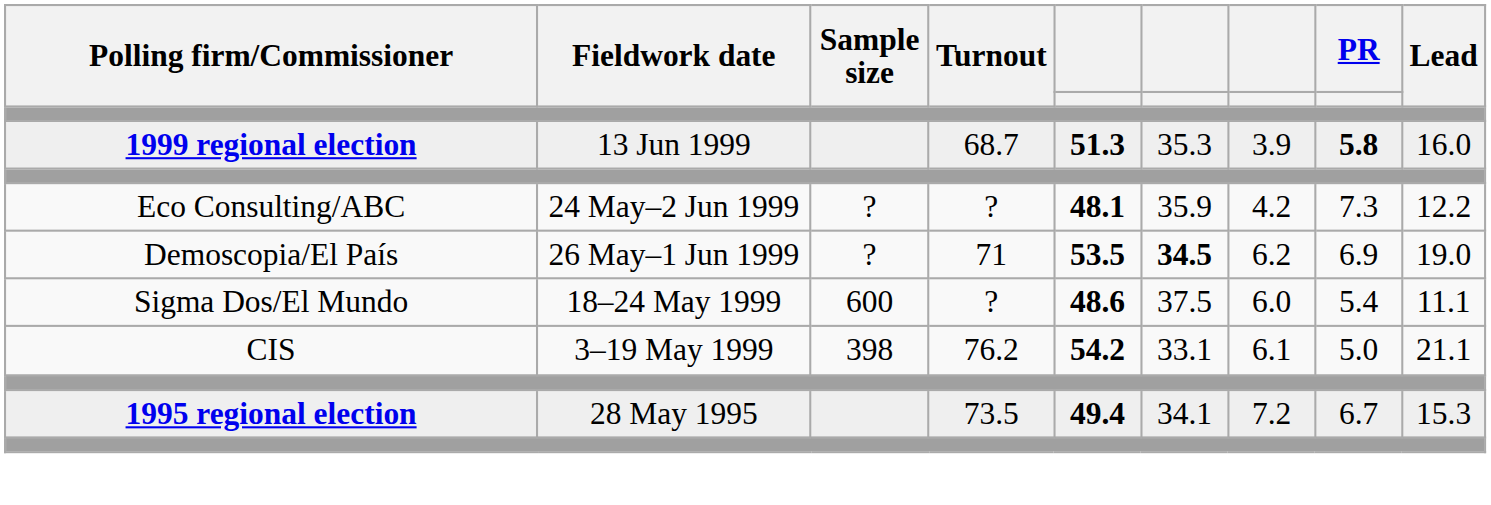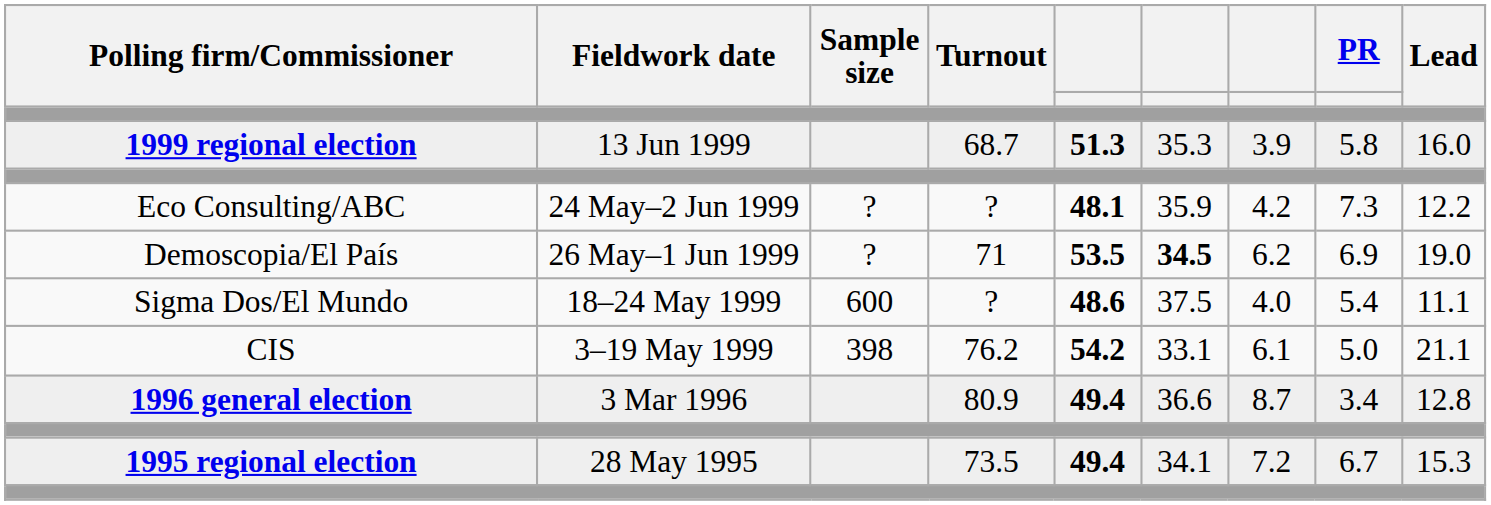 <table class="wikitable collapsible collapsed" style="text-align:center; font-size:95%; line-height:16px;">
 <tr style="height:42px;">
 <th style="width:250px;" rowspan="2">Polling firm/Commissioner</th>
 <th style="width:125px;" rowspan="2">Fieldwork date</th>
 <th style="width:50px;" rowspan="2">Sample size</th>
 <th style="width:45px;" rowspan="2">Turnout</th>
 <th style="width:35px;"></th>
 <th style="width:35px;"></th>
 <th style="width:35px;"></th>
 <th style="width:35px;"><a href='#'>PR</a></th>
 <th style="width:30px;" rowspan="2">Lead</th>
 </tr>
 <tr>
 <th style="color:inherit;background:"></th>
 <th style="color:inherit;background:"></th>
 <th style="color:inherit;background:"></th>
 <th style="color:inherit;background:"></th>
 </tr>
 <tr>
 <td colspan="9" style="background:#A0A0A0"></td>
 </tr>
 <tr style="background:#EFEFEF;">
 <td><strong><a href='#'>1999 regional election</a></strong></td>
 <td>13 Jun 1999</td>
 <td></td>
 <td>68.7</td>
 <td><strong>51.3</strong><br></td>
 <td>35.3<br></td>
 <td>3.9<br></td>
-<td><strong>5.8<br></strong></td>
+<td>5.8<br></td>
 <td style="background:">16.0</td>
 </tr>
 <tr>
 <td colspan="9" style="background:#A0A0A0"></td>
 </tr>
 <tr>
 <td>Eco Consulting/ABC</td>
 <td>24 May–2 Jun 1999</td>
 <td>?</td>
 <td>?</td>
 <td><strong>48.1</strong><br></td>
 <td>35.9<br></td>
 <td>4.2<br></td>
 <td>7.3<br></td>
 <td style="background:">12.2</td>
 </tr>
 <tr>
 <td>Demoscopia/El País</td>
 <td>26 May–1 Jun 1999</td>
 <td>?</td>
 <td>71</td>
 <td><strong>53.5</strong><br></td>
 <td><strong>34.5<br></strong></td>
 <td>6.2<br></td>
 <td>6.9<br></td>
 <td style="background:">19.0</td>
 </tr>
 <tr>
 <td>Sigma Dos/El Mundo</td>
 <td>18–24 May 1999</td>
 <td>600</td>
 <td>?</td>
 <td><strong>48.6</strong><br></td>
 <td>37.5<br></td>
-<td>6.0<br></td>
+<td>4.0<br></td>
 <td>5.4<br></td>
 <td style="background:">11.1</td>
 </tr>
 <tr>
 <td>CIS</td>
 <td>3–19 May 1999</td>
 <td>398</td>
 <td>76.2</td>
 <td><strong>54.2</strong><br></td>
 <td>33.1<br></td>
 <td>6.1<br></td>
 <td>5.0<br></td>
 <td style="background:">21.1</td>
+</tr>
+<tr style="background:#EFEFEF;">
+<td><strong><a href='#'>1996 general election</a></strong></td>
+<td>3 Mar 1996</td>
+<td></td>
+<td>80.9</td>
+<td><strong>49.4</strong><br></td>
+<td>36.6<br></td>
+<td>8.7<br></td>
+<td>3.4<br></td>
+<td style="background:">12.8</td>
 </tr>
 <tr>
 <td colspan="9" style="background:#A0A0A0"></td>
 </tr>
 <tr style="background:#EFEFEF;">
 <td><strong><a href='#'>1995 regional election</a></strong></td>
 <td>28 May 1995</td>
 <td></td>
 <td>73.5</td>
 <td><strong>49.4</strong><br></td>
 <td>34.1<br></td>
 <td>7.2<br></td>
 <td>6.7<br></td>
 <td style="background:">15.3</td>
 </tr>
 <tr>
 <td colspan="9" style="background:#A0A0A0"></td>
 </tr>
 </table>
